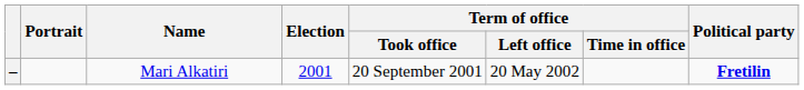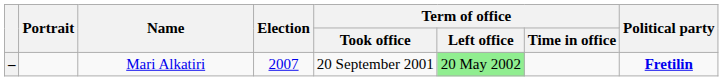 <table class="wikitable" style="text-align:center">
 <tr>
 <th rowspan="2"></th>
 <th rowspan="2">Portrait</th>
 <th rowspan="2" width="180">Name<br></th>
 <th rowspan="2">Election</th>
 <th colspan="3">Term of office</th>
 <th rowspan="2">Political party</th>
 </tr>
 <tr>
 <th>Took office</th>
 <th>Left office</th>
 <th>Time in office</th>
 </tr>
 <tr>
 <th style="background:">–</th>
 <td></td>
 <td><a href='#'>Mari Alkatiri</a><br></td>
-<td><a href='#'>2001</a></td>
+<td><a href='#'>2007</a></td>
 <td>20 September 2001</td>
-<td>20 May 2002</td>
+<td style="background: lightgreen;">20 May 2002</td>
 <td></td>
 <td><strong><a href='#'>Fretilin</a></strong></td>
 </tr>
 </table>
